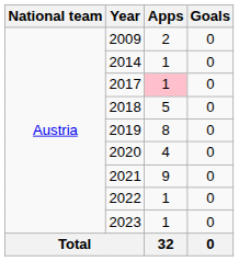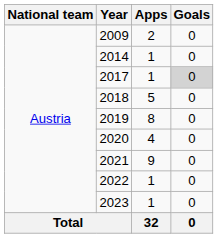 <table class="wikitable" style="text-align:center">
 <tr>
 <th>National team</th>
 <th>Year</th>
 <th>Apps</th>
 <th>Goals</th>
 </tr>
 <tr>
 <td rowspan="9"><a href='#'>Austria</a></td>
 <td>2009</td>
 <td>2</td>
 <td>0</td>
 </tr>
 <tr>
 <td>2014</td>
 <td>1</td>
 <td>0</td>
 </tr>
 <tr>
 <td>2017</td>
-<td style="background: pink;">1</td>
-<td>0</td>
+<td>1</td>
+<td style="background: lightgrey;">0</td>
 </tr>
 <tr>
 <td>2018</td>
 <td>5</td>
 <td>0</td>
 </tr>
 <tr>
 <td>2019</td>
 <td>8</td>
 <td>0</td>
 </tr>
 <tr>
 <td>2020</td>
 <td>4</td>
 <td>0</td>
 </tr>
 <tr>
 <td>2021</td>
 <td>9</td>
 <td>0</td>
 </tr>
 <tr>
 <td>2022</td>
 <td>1</td>
 <td>0</td>
 </tr>
 <tr>
 <td>2023</td>
 <td>1</td>
 <td>0</td>
 </tr>
 <tr>
 <th colspan="2">Total</th>
 <th>32</th>
 <th>0</th>
 </tr>
 </table>
